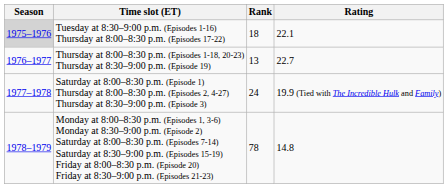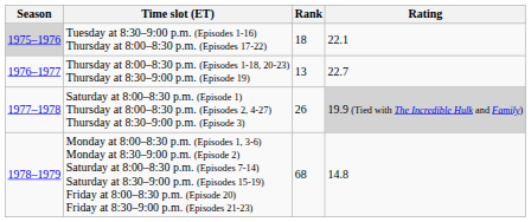 <table class="wikitable">
 <tr>
 <th>Season</th>
 <th>Time slot (ET)</th>
 <th>Rank</th>
 <th>Rating</th>
 </tr>
 <tr>
 <td style="background: lightgrey;"><a href='#'>1975–1976</a></td>
 <td>Tuesday at 8:30–9:00 p.m. <small>(Episodes 1-16)</small><br>Thursday at 8:00–8:30 p.m. <small>(Episodes 17-22)</small></td>
 <td>18</td>
 <td>22.1</td>
 </tr>
 <tr>
 <td><a href='#'>1976–1977</a></td>
 <td>Thursday at 8:00–8:30 p.m. <small>(Episodes 1-18, 20-23)</small><br>Thursday at 8:30–9:00 p.m. <small>(Episode 19)</small></td>
 <td>13</td>
 <td>22.7</td>
 </tr>
 <tr>
 <td><a href='#'>1977–1978</a></td>
 <td>Saturday at 8:00–8:30 p.m. <small>(Episode 1)</small><br>Thursday at 8:00–8:30 p.m. <small>(Episodes 2, 4-27)</small><br>Thursday at 8:30–9:00 p.m. <small>(Episode 3)</small></td>
-<td>24</td>
-<td>19.9 <small>(Tied with <em><a href='#'>The Incredible Hulk</a></em> and <em><a href='#'>Family</a></em>)</small></td>
+<td>26</td>
+<td style="background: lightgrey;">19.9 <small>(Tied with <em><a href='#'>The Incredible Hulk</a></em> and <em><a href='#'>Family</a></em>)</small></td>
 </tr>
 <tr>
 <td><a href='#'>1978–1979</a></td>
 <td>Monday at 8:00–8:30 p.m. <small>(Episodes 1, 3-6)</small><br>Monday at 8:30–9:00 p.m. <small>(Episode 2)</small><br>Saturday at 8:00–8:30 p.m. <small>(Episodes 7-14)</small><br>Saturday at 8:30–9:00 p.m. <small>(Episodes 15-19)</small><br>Friday at 8:00–8:30 p.m. <small>(Episode 20)</small> <br>Friday at 8:30–9:00 p.m. <small>(Episodes 21-23)</small></td>
-<td>78</td>
+<td>68</td>
 <td>14.8</td>
 </tr>
 </table>
